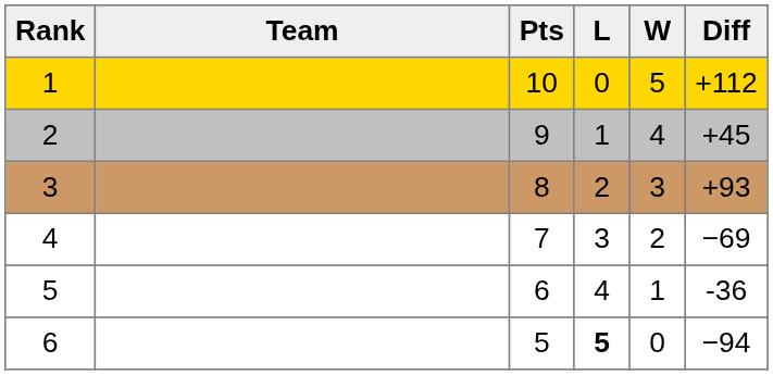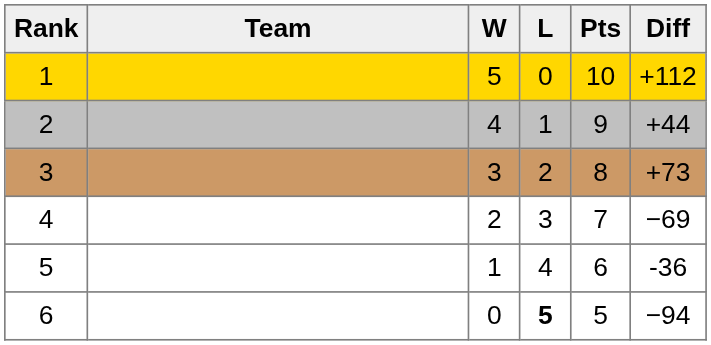 <table style=border-collapse:collapse border=1 cellspacing=0 cellpadding=5>
 <tr align=center bgcolor=#efefef>
 <th width=20>Rank</th>
 <th width=220>Team</th>
+<th width=20>W</th>
+<th width=20>L</th>
 <th width=20>Pts</th>
-<th width=20>L</th>
-<th width=20>W</th>
 <th width=25>Diff</th>
 </tr>
 <tr align=center bgcolor=gold>
 <td>1</td>
 <td align=left></td>
+<td>5</td>
+<td>0</td>
 <td>10</td>
-<td>0</td>
-<td>5</td>
 <td>+112</td>
 </tr>
 <tr align=center bgcolor=silver>
 <td>2</td>
 <td align=left></td>
+<td>4</td>
+<td>1</td>
 <td>9</td>
-<td>1</td>
-<td>4</td>
-<td>+45</td>
+<td>+44</td>
 </tr>
 <tr align=center bgcolor=cc9966>
 <td>3</td>
 <td align=left></td>
+<td>3</td>
+<td>2</td>
 <td>8</td>
-<td>2</td>
-<td>3</td>
-<td>+93</td>
+<td>+73</td>
 </tr>
 <tr align=center>
 <td>4</td>
 <td align=left></td>
+<td>2</td>
+<td>3</td>
 <td>7</td>
-<td>3</td>
-<td>2</td>
 <td>−69</td>
 </tr>
 <tr align=center>
 <td>5</td>
 <td align=left></td>
+<td>1</td>
+<td>4</td>
 <td>6</td>
-<td>4</td>
-<td>1</td>
 <td>-36</td>
 </tr>
 <tr align=center>
 <td>6</td>
 <td align=left></td>
+<td>0</td>
+<td><strong>5</strong></td>
 <td>5</td>
-<td><strong>5</strong></td>
-<td>0</td>
 <td>−94</td>
 </tr>
 </table>
